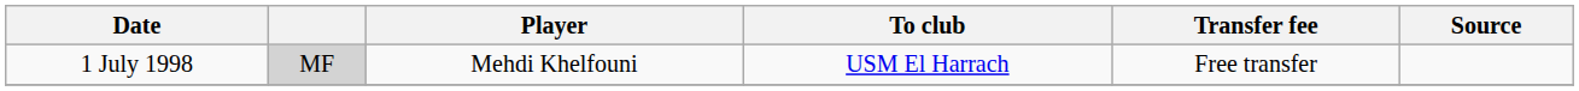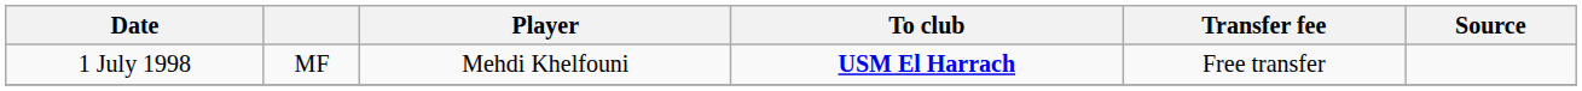 <table class="wikitable sortable" style="width:70%; text-align:center; font-size:85%; text-align:centre;">
 <tr>
 <th>Date</th>
 <th></th>
 <th>Player</th>
 <th>To club</th>
 <th>Transfer fee</th>
 <th>Source</th>
 </tr>
 <tr>
 <td>1 July 1998</td>
-<td style="background: lightgrey;">MF</td>
+<td>MF</td>
 <td> Mehdi Khelfouni</td>
-<td><a href='#'>USM El Harrach</a></td>
+<td><strong><a href='#'>USM El Harrach</a></strong></td>
 <td>Free transfer</td>
 <td></td>
 </tr>
 <tr>
 </tr>
 </table>
